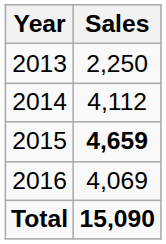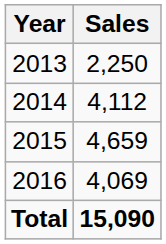 <table class="wikitable" style="float:center; clear:center; margin:0em 0em 1em 1em; text-align:center">
 <tr>
 <th>Year</th>
 <th>Sales</th>
 </tr>
 <tr>
 <td>2013</td>
 <td>2,250</td>
 </tr>
 <tr>
 <td>2014</td>
 <td>4,112</td>
 </tr>
 <tr>
 <td>2015</td>
-<td><strong>4,659</strong></td>
+<td>4,659</td>
 </tr>
 <tr>
 <td>2016</td>
 <td>4,069</td>
 </tr>
 <tr>
 <td><strong>Total</strong></td>
 <td><strong>15,090</strong></td>
 </tr>
 </table>
